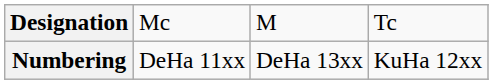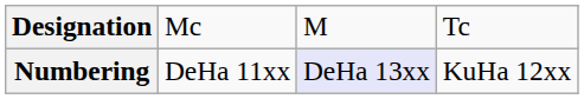 <table class="wikitable">
 <tr>
 <th>Designation</th>
 <td>Mc</td>
 <td>M</td>
 <td>Tc</td>
 </tr>
 <tr>
 <th>Numbering</th>
 <td>DeHa 11xx</td>
-<td>DeHa 13xx</td>
+<td style="background: lavender;">DeHa 13xx</td>
 <td>KuHa 12xx</td>
 </tr>
 </table>
